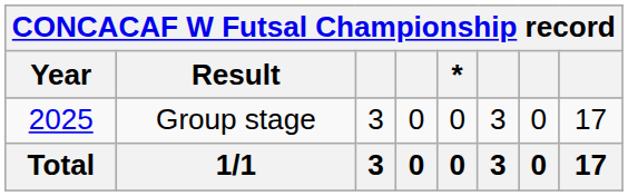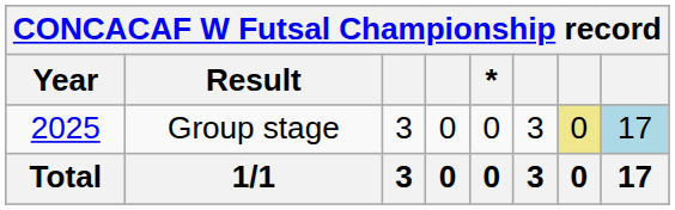 <table class="wikitable" style="text-align: center;">
 <tr>
 <th colspan="8"><a href='#'>CONCACAF W Futsal Championship</a> record</th>
 </tr>
 <tr>
 <th>Year</th>
 <th>Result</th>
 <th></th>
 <th></th>
 <th>*</th>
 <th></th>
 <th></th>
 <th></th>
 </tr>
 <tr>
 <td> <a href='#'>2025</a></td>
 <td>Group stage</td>
 <td>3</td>
 <td>0</td>
 <td>0</td>
 <td>3</td>
-<td>0</td>
-<td>17</td>
+<td style="background: khaki;">0</td>
+<td style="background: lightblue;">17</td>
 </tr>
 <tr>
 <th>Total</th>
 <th>1/1</th>
 <th>3</th>
 <th>0</th>
 <th>0</th>
 <th>3</th>
 <th>0</th>
 <th>17</th>
 </tr>
 </table>
